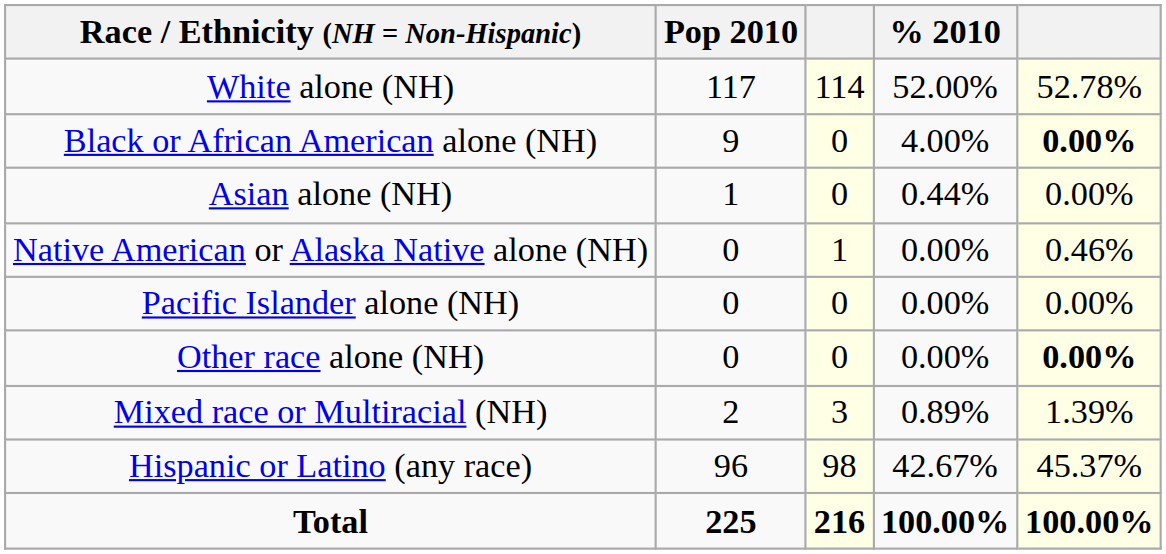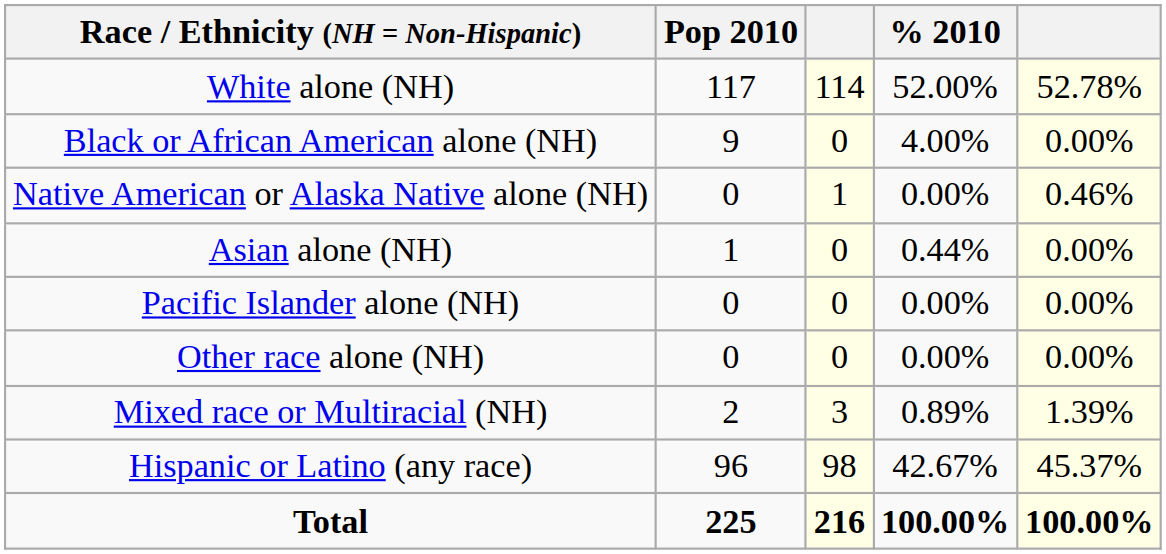 <table class="wikitable" style="text-align:center;">
 <tr>
 <th>Race / Ethnicity <small>(<em>NH = Non-Hispanic</em>)</small></th>
 <th>Pop 2010</th>
 <th></th>
 <th>% 2010</th>
 <th></th>
 </tr>
 <tr>
 <td><a href='#'>White</a> alone (NH)</td>
 <td>117</td>
 <td style='background: #ffffe6;'>114</td>
 <td>52.00%</td>
 <td style='background: #ffffe6;'>52.78%</td>
 </tr>
 <tr>
 <td><a href='#'>Black or African American</a> alone (NH)</td>
 <td>9</td>
 <td style='background: #ffffe6;'>0</td>
 <td>4.00%</td>
-<td style='background: #ffffe6;'><strong>0.00%</strong></td>
-</tr>
-<tr>
-<td><a href='#'>Asian</a> alone (NH)</td>
-<td>1</td>
-<td style='background: #ffffe6;'>0</td>
-<td>0.44%</td>
 <td style='background: #ffffe6;'>0.00%</td>
 </tr>
 <tr>
 <td><a href='#'>Native American</a> or <a href='#'>Alaska Native</a> alone (NH)</td>
 <td>0</td>
 <td style='background: #ffffe6;'>1</td>
 <td>0.00%</td>
 <td style='background: #ffffe6;'>0.46%</td>
+</tr>
+<tr>
+<td><a href='#'>Asian</a> alone (NH)</td>
+<td>1</td>
+<td style='background: #ffffe6;'>0</td>
+<td>0.44%</td>
+<td style='background: #ffffe6;'>0.00%</td>
 </tr>
 <tr>
 <td><a href='#'>Pacific Islander</a> alone (NH)</td>
 <td>0</td>
 <td style='background: #ffffe6;'>0</td>
 <td>0.00%</td>
 <td style='background: #ffffe6;'>0.00%</td>
 </tr>
 <tr>
 <td><a href='#'>Other race</a> alone (NH)</td>
 <td>0</td>
 <td style='background: #ffffe6;'>0</td>
 <td>0.00%</td>
-<td style='background: #ffffe6;'><strong>0.00%</strong></td>
+<td style='background: #ffffe6;'>0.00%</td>
 </tr>
 <tr>
 <td><a href='#'>Mixed race or Multiracial</a> (NH)</td>
 <td>2</td>
 <td style='background: #ffffe6;'>3</td>
 <td>0.89%</td>
 <td style='background: #ffffe6;'>1.39%</td>
 </tr>
 <tr>
 <td><a href='#'>Hispanic or Latino</a> (any race)</td>
 <td>96</td>
 <td style='background: #ffffe6;'>98</td>
 <td>42.67%</td>
 <td style='background: #ffffe6;'>45.37%</td>
 </tr>
 <tr>
 <td><strong>Total</strong></td>
 <td><strong>225</strong></td>
 <td style='background: #ffffe6;'><strong>216</strong></td>
 <td><strong>100.00%</strong></td>
 <td style='background: #ffffe6;'><strong>100.00%</strong></td>
 </tr>
 </table>
